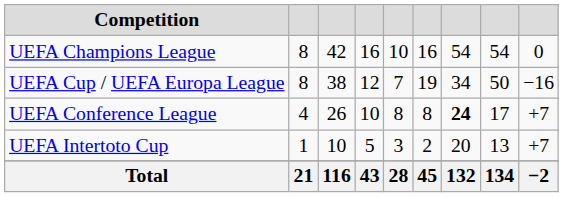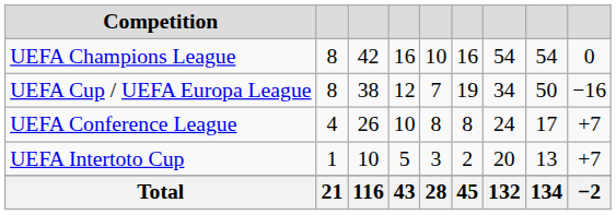 <table class="wikitable" style="text-align: center;">
 <tr>
 <th style="background:#DCDCDC">Competition</th>
 <th style="background:#DCDCDC"></th>
 <th style="background:#DCDCDC"></th>
 <th style="background:#DCDCDC"></th>
 <th style="background:#DCDCDC"></th>
 <th style="background:#DCDCDC"></th>
 <th style="background:#DCDCDC"></th>
 <th style="background:#DCDCDC"></th>
 <th style="background:#DCDCDC"></th>
 </tr>
 <tr>
 <td align=left><a href='#'>UEFA Champions League</a></td>
 <td>8</td>
 <td>42</td>
 <td>16</td>
 <td>10</td>
 <td>16</td>
 <td>54</td>
 <td>54</td>
 <td>0</td>
 </tr>
 <tr>
 <td align=left><a href='#'>UEFA Cup</a> / <a href='#'>UEFA Europa League</a></td>
 <td>8</td>
 <td>38</td>
 <td>12</td>
 <td>7</td>
 <td>19</td>
 <td>34</td>
 <td>50</td>
 <td>−16</td>
 </tr>
 <tr>
 <td align=left><a href='#'>UEFA Conference League</a></td>
 <td>4</td>
 <td>26</td>
 <td>10</td>
 <td>8</td>
 <td>8</td>
-<td><strong>24</strong></td>
+<td>24</td>
 <td>17</td>
 <td>+7</td>
 </tr>
 <tr>
 <td align=left><a href='#'>UEFA Intertoto Cup</a></td>
 <td>1</td>
 <td>10</td>
 <td>5</td>
 <td>3</td>
 <td>2</td>
 <td>20</td>
 <td>13</td>
 <td>+7</td>
 </tr>
 <tr>
 </tr>
 <tr class="sortbottom">
 <th>Total</th>
 <th>21</th>
 <th>116</th>
 <th>43</th>
 <th>28</th>
 <th>45</th>
 <th>132</th>
 <th>134</th>
 <th>−2</th>
 </tr>
 </table>
